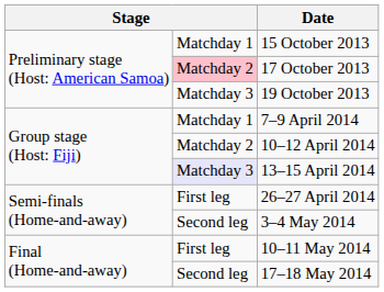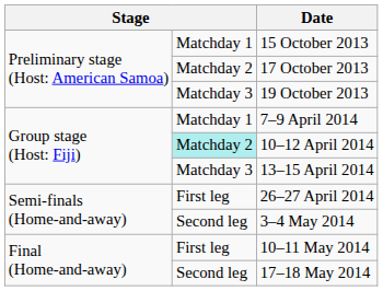 <table class="wikitable">
 <tr>
 <th colspan=2>Stage</th>
 <th>Date</th>
 </tr>
 <tr>
 <td rowspan=3>Preliminary stage<br>(Host: <a href='#'>American Samoa</a>)</td>
 <td>Matchday 1</td>
 <td>15 October 2013</td>
 </tr>
 <tr>
-<td style="background: pink;">Matchday 2</td>
+<td>Matchday 2</td>
 <td>17 October 2013</td>
 </tr>
 <tr>
 <td>Matchday 3</td>
 <td>19 October 2013</td>
 </tr>
 <tr>
 <td rowspan=3>Group stage<br>(Host: <a href='#'>Fiji</a>)</td>
 <td>Matchday 1</td>
 <td>7–9 April 2014</td>
 </tr>
 <tr>
-<td>Matchday 2</td>
+<td style="background: paleturquoise;">Matchday 2</td>
 <td>10–12 April 2014</td>
 </tr>
 <tr>
-<td style="background: lavender;">Matchday 3</td>
+<td>Matchday 3</td>
 <td>13–15 April 2014</td>
 </tr>
 <tr>
 <td rowspan=2>Semi-finals<br>(Home-and-away)</td>
 <td>First leg</td>
 <td>26–27 April 2014</td>
 </tr>
 <tr>
 <td>Second leg</td>
 <td>3–4 May 2014</td>
 </tr>
 <tr>
 <td rowspan=2>Final<br>(Home-and-away)</td>
 <td>First leg</td>
 <td>10–11 May 2014</td>
 </tr>
 <tr>
 <td>Second leg</td>
 <td>17–18 May 2014</td>
 </tr>
 </table>
